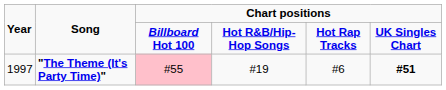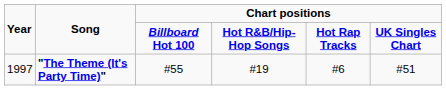 <table class="wikitable">
 <tr>
 <td rowspan="2"><strong>Year</strong></td>
 <td rowspan="2" align=center><strong>Song</strong></td>
 <td colspan="4" align=center><strong>Chart positions</strong></td>
 </tr>
 <tr>
 <td align=center><strong><a href='#'><em>Billboard</em> Hot 100</a></strong><br></td>
 <td align=center><strong><a href='#'>Hot R&B/Hip-Hop Songs</a></strong><br></td>
 <td align=center><strong><a href='#'>Hot Rap Tracks</a></strong><br></td>
 <td align=center><strong><a href='#'>UK Singles Chart</a></strong><br></td>
 </tr>
 <tr>
 <td>1997</td>
 <td><strong>"<a href='#'>The Theme (It's Party Time)</a>"</strong></td>
-<td align="center" style="background: pink;">#55</td>
+<td align="center">#55</td>
 <td align="center">#19</td>
 <td align="center">#6</td>
-<td align="center"><strong>#51</strong></td>
+<td align="center">#51</td>
 </tr>
 </table>
